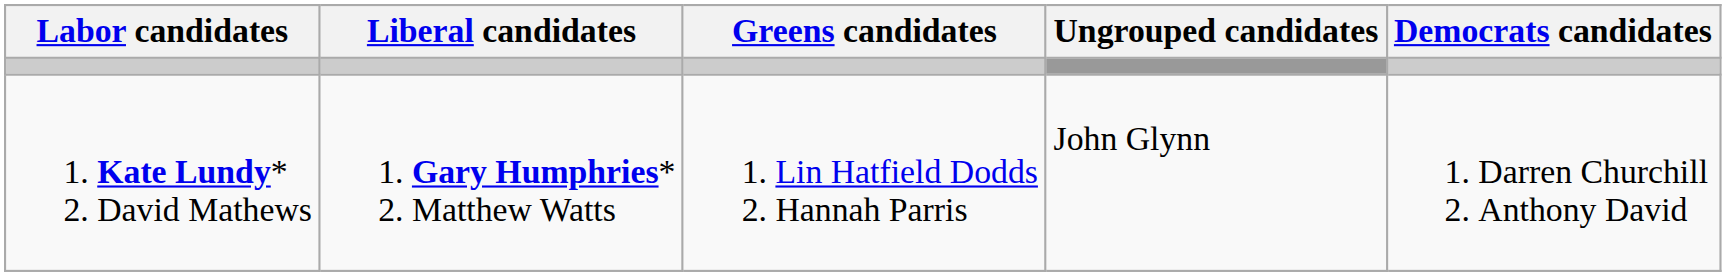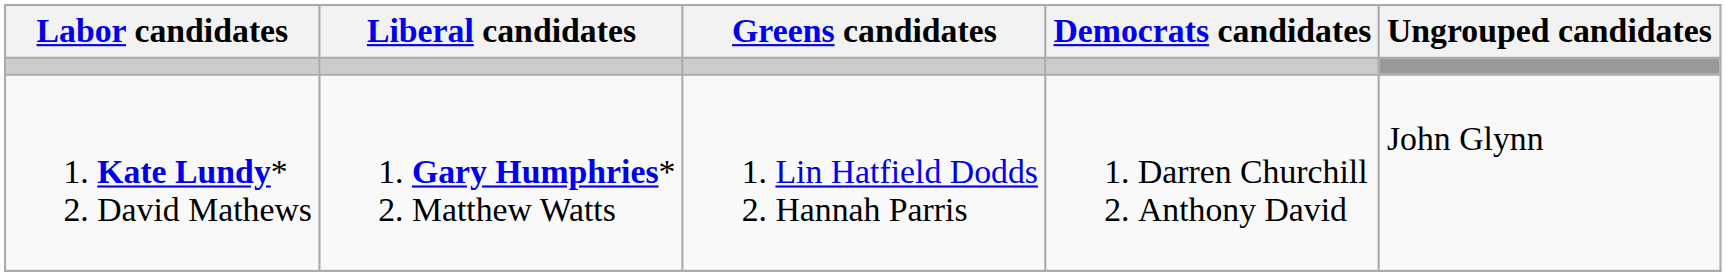 <table class="wikitable">
 <tr>
 <th><a href='#'>Labor</a> candidates</th>
 <th><a href='#'>Liberal</a> candidates</th>
 <th><a href='#'>Greens</a> candidates</th>
+<th><a href='#'>Democrats</a> candidates</th>
 <th>Ungrouped candidates</th>
-<th><a href='#'>Democrats</a> candidates</th>
 </tr>
 <tr style="background:#ccc;">
 <td></td>
 <td></td>
 <td></td>
+<td></td>
 <td style="background:#999;"></td>
-<td></td>
 </tr>
 <tr>
 <td><br><ol><li><strong><a href='#'>Kate Lundy</a></strong>*</li><li>David Mathews</li></ol></td>
 <td><br><ol><li><strong><a href='#'>Gary Humphries</a></strong>*</li><li>Matthew Watts</li></ol></td>
 <td valign=top><br><ol><li><a href='#'>Lin Hatfield Dodds</a></li><li>Hannah Parris</li></ol></td>
+<td valign=top><br><ol><li>Darren Churchill</li><li>Anthony David</li></ol></td>
 <td valign=top><br>John Glynn</td>
-<td valign=top><br><ol><li>Darren Churchill</li><li>Anthony David</li></ol></td>
 </tr>
 </table>
